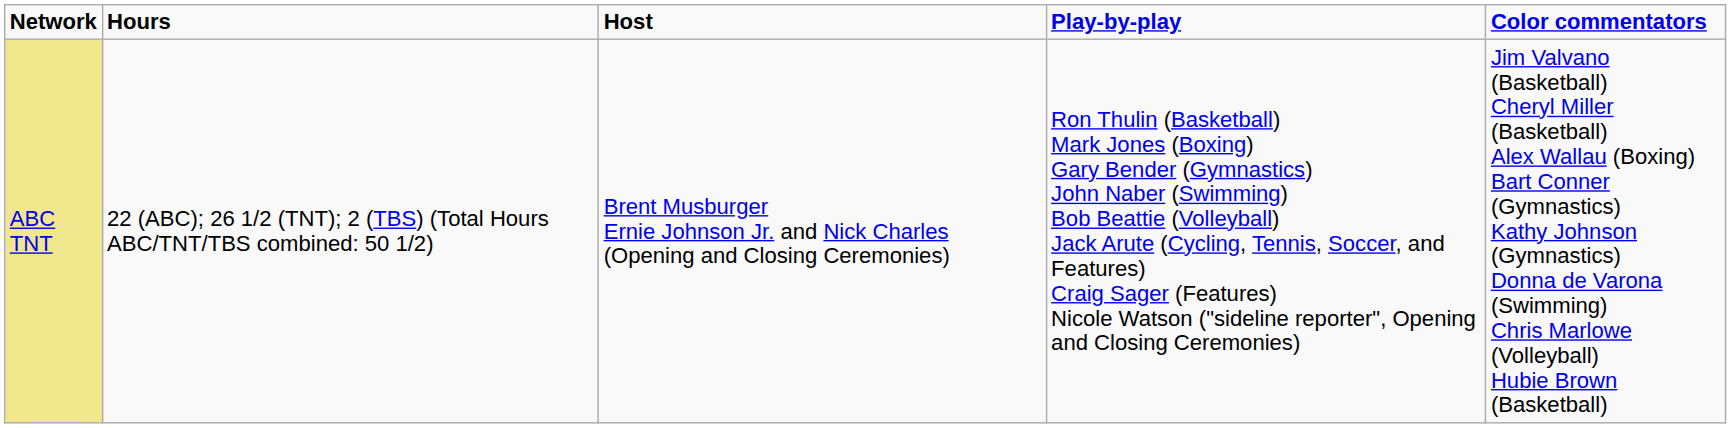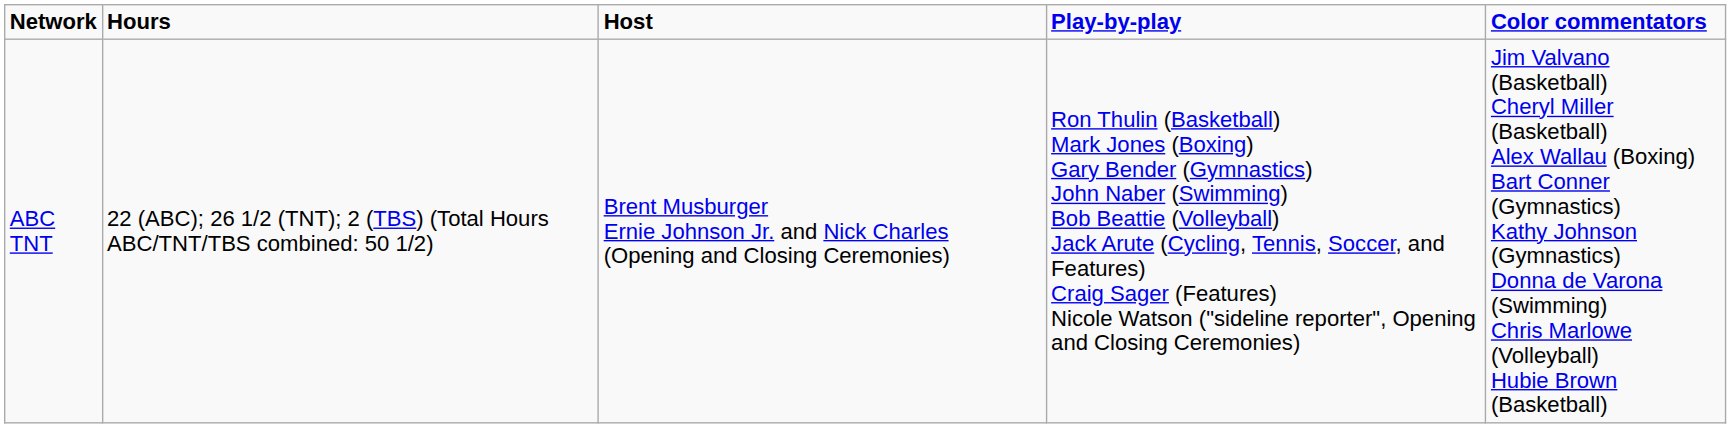 <table class=wikitable>
 <tr>
 <td><strong>Network</strong></td>
 <td><strong>Hours</strong></td>
 <td><strong>Host</strong></td>
 <td><strong><a href='#'>Play-by-play</a></strong></td>
 <td><strong><a href='#'>Color commentators</a></strong></td>
 </tr>
 <tr>
-<td style="background: khaki;"><a href='#'>ABC</a><br><a href='#'>TNT</a></td>
+<td><a href='#'>ABC</a><br><a href='#'>TNT</a></td>
 <td>22 (ABC); 26 1/2 (TNT); 2 (<a href='#'>TBS</a>) (Total Hours ABC/TNT/TBS combined: 50 1/2)</td>
 <td><a href='#'>Brent Musburger</a><br><a href='#'>Ernie Johnson Jr.</a> and <a href='#'>Nick Charles</a> (Opening and Closing Ceremonies)</td>
 <td><a href='#'>Ron Thulin</a> (<a href='#'>Basketball</a>)<br><a href='#'>Mark Jones</a> (<a href='#'>Boxing</a>)<br><a href='#'>Gary Bender</a> (<a href='#'>Gymnastics</a>)<br><a href='#'>John Naber</a> (<a href='#'>Swimming</a>)<br><a href='#'>Bob Beattie</a> (<a href='#'>Volleyball</a>)<br><a href='#'>Jack Arute</a> (<a href='#'>Cycling</a>, <a href='#'>Tennis</a>, <a href='#'>Soccer</a>, and Features)<br><a href='#'>Craig Sager</a> (Features)<br>Nicole Watson ("sideline reporter", Opening and Closing Ceremonies)</td>
 <td><a href='#'>Jim Valvano</a> (Basketball)<br><a href='#'>Cheryl Miller</a> (Basketball)<br><a href='#'>Alex Wallau</a> (Boxing)<br><a href='#'>Bart Conner</a> (Gymnastics)<br><a href='#'>Kathy Johnson</a> (Gymnastics)<br><a href='#'>Donna de Varona</a> (Swimming)<br><a href='#'>Chris Marlowe</a> (Volleyball)<br><a href='#'>Hubie Brown</a> (Basketball)</td>
 </tr>
 </table>
